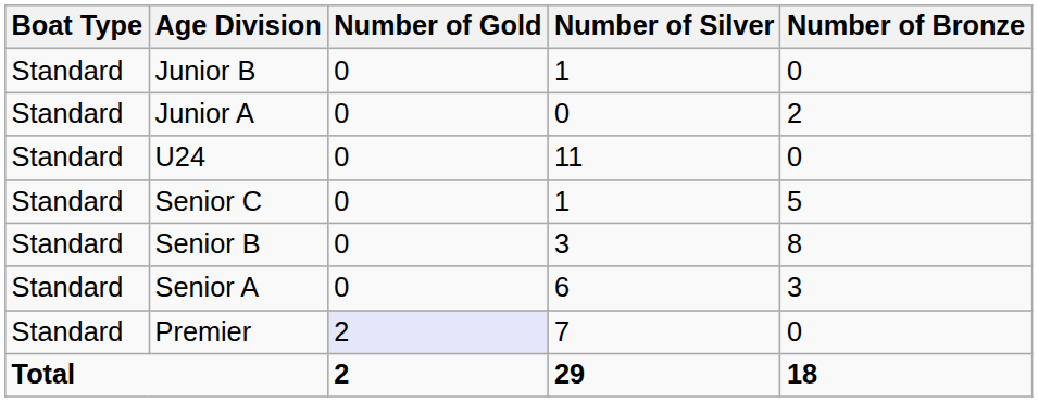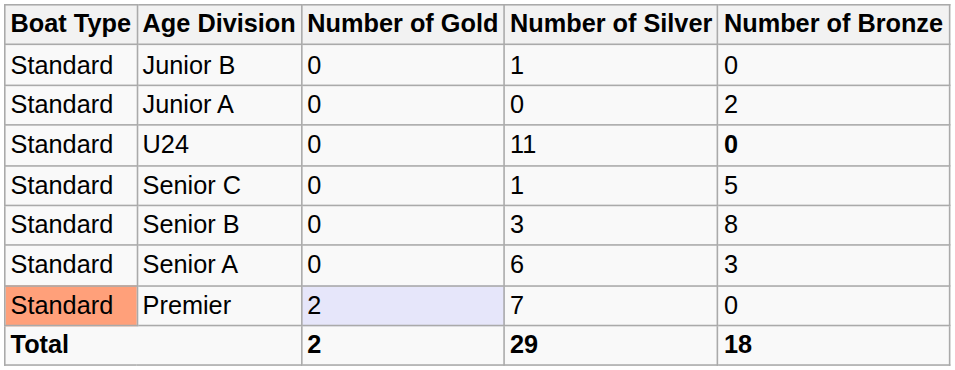 <table class="wikitable sortable">
 <tr>
 <th>Boat Type</th>
 <th>Age Division</th>
 <th>Number of Gold</th>
 <th>Number of Silver</th>
 <th>Number of Bronze</th>
 </tr>
 <tr>
 <td>Standard</td>
 <td>Junior B</td>
 <td>0</td>
 <td>1</td>
 <td>0</td>
 </tr>
 <tr>
 <td>Standard</td>
 <td>Junior A</td>
 <td>0</td>
 <td>0</td>
 <td>2</td>
 </tr>
 <tr>
 <td>Standard</td>
 <td>U24</td>
 <td>0</td>
 <td>11</td>
-<td>0</td>
+<td><strong>0</strong></td>
 </tr>
 <tr>
 <td>Standard</td>
 <td>Senior C</td>
 <td>0</td>
 <td>1</td>
 <td>5</td>
 </tr>
 <tr>
 <td>Standard</td>
 <td>Senior B</td>
 <td>0</td>
 <td>3</td>
 <td>8</td>
 </tr>
 <tr>
 <td>Standard</td>
 <td>Senior A</td>
 <td>0</td>
 <td>6</td>
 <td>3</td>
 </tr>
 <tr>
-<td>Standard</td>
+<td style="background: lightsalmon;">Standard</td>
 <td>Premier</td>
 <td style="background: lavender;">2</td>
 <td>7</td>
 <td>0</td>
 </tr>
 <tr>
 <td colspan="2"><strong>Total</strong></td>
 <td><strong>2</strong></td>
 <td><strong>29</strong></td>
 <td><strong>18</strong></td>
 </tr>
 </table>
